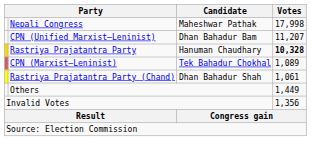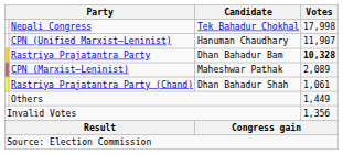 <table class="wikitable">
 <tr>
 <th colspan="2">Party</th>
 <th>Candidate</th>
 <th>Votes</th>
 </tr>
 <tr>
 <td style="background-color:"></td>
 <td><a href='#'>Nepali Congress</a></td>
-<td>Maheshwar Pathak</td>
+<td><a href='#'>Tek Bahadur Chokhal</a></td>
 <td>17,998</td>
 </tr>
 <tr>
 <td style="background-color:"></td>
 <td><a href='#'>CPN (Unified Marxist–Leninist)</a></td>
-<td>Dhan Bahadur Bam</td>
-<td>11,207</td>
+<td>Hanuman Chaudhary</td>
+<td>11,907</td>
 </tr>
 <tr>
 <td style="background-color:gold"></td>
 <td><a href='#'>Rastriya Prajatantra Party</a></td>
-<td>Hanuman Chaudhary</td>
+<td>Dhan Bahadur Bam</td>
 <td><strong>10,328</strong></td>
 </tr>
 <tr>
 <td style="background-color:indianred"></td>
 <td><a href='#'>CPN (Marxist–Leninist)</a></td>
-<td><a href='#'>Tek Bahadur Chokhal</a></td>
-<td>1,089</td>
+<td>Maheshwar Pathak</td>
+<td>2,089</td>
 </tr>
 <tr>
 <td style="background-color:yellow"></td>
 <td><a href='#'>Rastriya Prajatantra Party (Chand)</a></td>
 <td>Dhan Bahadur Shah</td>
 <td>1,061</td>
 </tr>
 <tr>
 <td></td>
 <td colspan="2">Others</td>
 <td>1,449</td>
 </tr>
 <tr>
 <td colspan="3">Invalid Votes</td>
 <td>1,356</td>
 </tr>
 <tr>
 <th colspan="2">Result</th>
 <th colspan="2">Congress gain</th>
 </tr>
 <tr>
 <td colspan="4">Source: Election Commission</td>
 </tr>
 </table>
